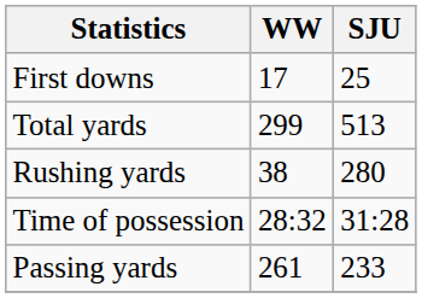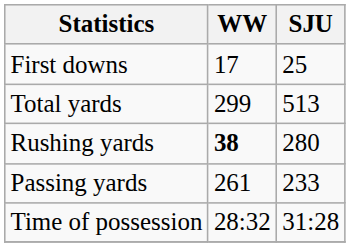 <table class="wikitable">
 <tr>
 <th>Statistics</th>
 <th>WW</th>
 <th>SJU</th>
 </tr>
 <tr>
 <td>First downs</td>
 <td>17</td>
 <td>25</td>
 </tr>
 <tr>
 <td>Total yards</td>
 <td>299</td>
 <td>513</td>
 </tr>
 <tr>
 <td>Rushing yards</td>
-<td>38</td>
+<td><strong>38</strong></td>
 <td>280</td>
+</tr>
+<tr>
+<td>Passing yards</td>
+<td>261</td>
+<td>233</td>
 </tr>
 <tr>
 <td>Time of possession</td>
 <td>28:32</td>
 <td>31:28</td>
 </tr>
 <tr>
-<td>Passing yards</td>
-<td>261</td>
-<td>233</td>
-</tr>
-<tr>
 </tr>
 </table>
